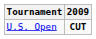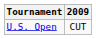 <table class="wikitable" style="font-size:95%;text-align:center;">
 <tr>
 <th>Tournament</th>
 <th>2009</th>
 </tr>
 <tr>
 <td align=left><a href='#'>U.S. Open</a></td>
-<td><strong>CUT</strong></td>
+<td>CUT</td>
 </tr>
 </table>
